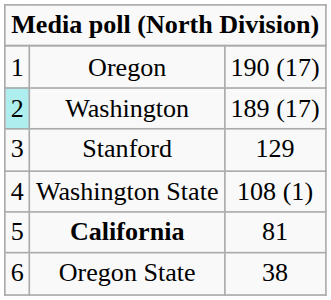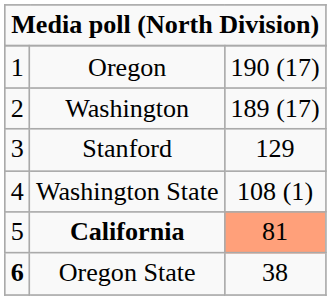 <table class="wikitable" style="display: inline-table;">
 <tr>
 <td align="center" Colspan="3"><strong>Media poll (North Division)</strong></td>
 </tr>
 <tr align="center">
 </tr>
 <tr align="center">
 <td>1</td>
 <td>Oregon</td>
 <td>190 (17)</td>
 </tr>
 <tr align="center">
-<td style="background: paleturquoise;">2</td>
+<td>2</td>
 <td>Washington</td>
 <td>189 (17)</td>
 </tr>
 <tr align="center">
 <td>3</td>
 <td>Stanford</td>
 <td>129</td>
 </tr>
 <tr align="center">
 <td>4</td>
 <td>Washington State</td>
 <td>108 (1)</td>
 </tr>
 <tr align="center">
 <td>5</td>
 <td><strong>California</strong></td>
-<td>81</td>
+<td style="background: lightsalmon;">81</td>
 </tr>
 <tr align="center">
-<td>6</td>
+<td><strong>6</strong></td>
 <td>Oregon State</td>
 <td>38</td>
 </tr>
 </table>
